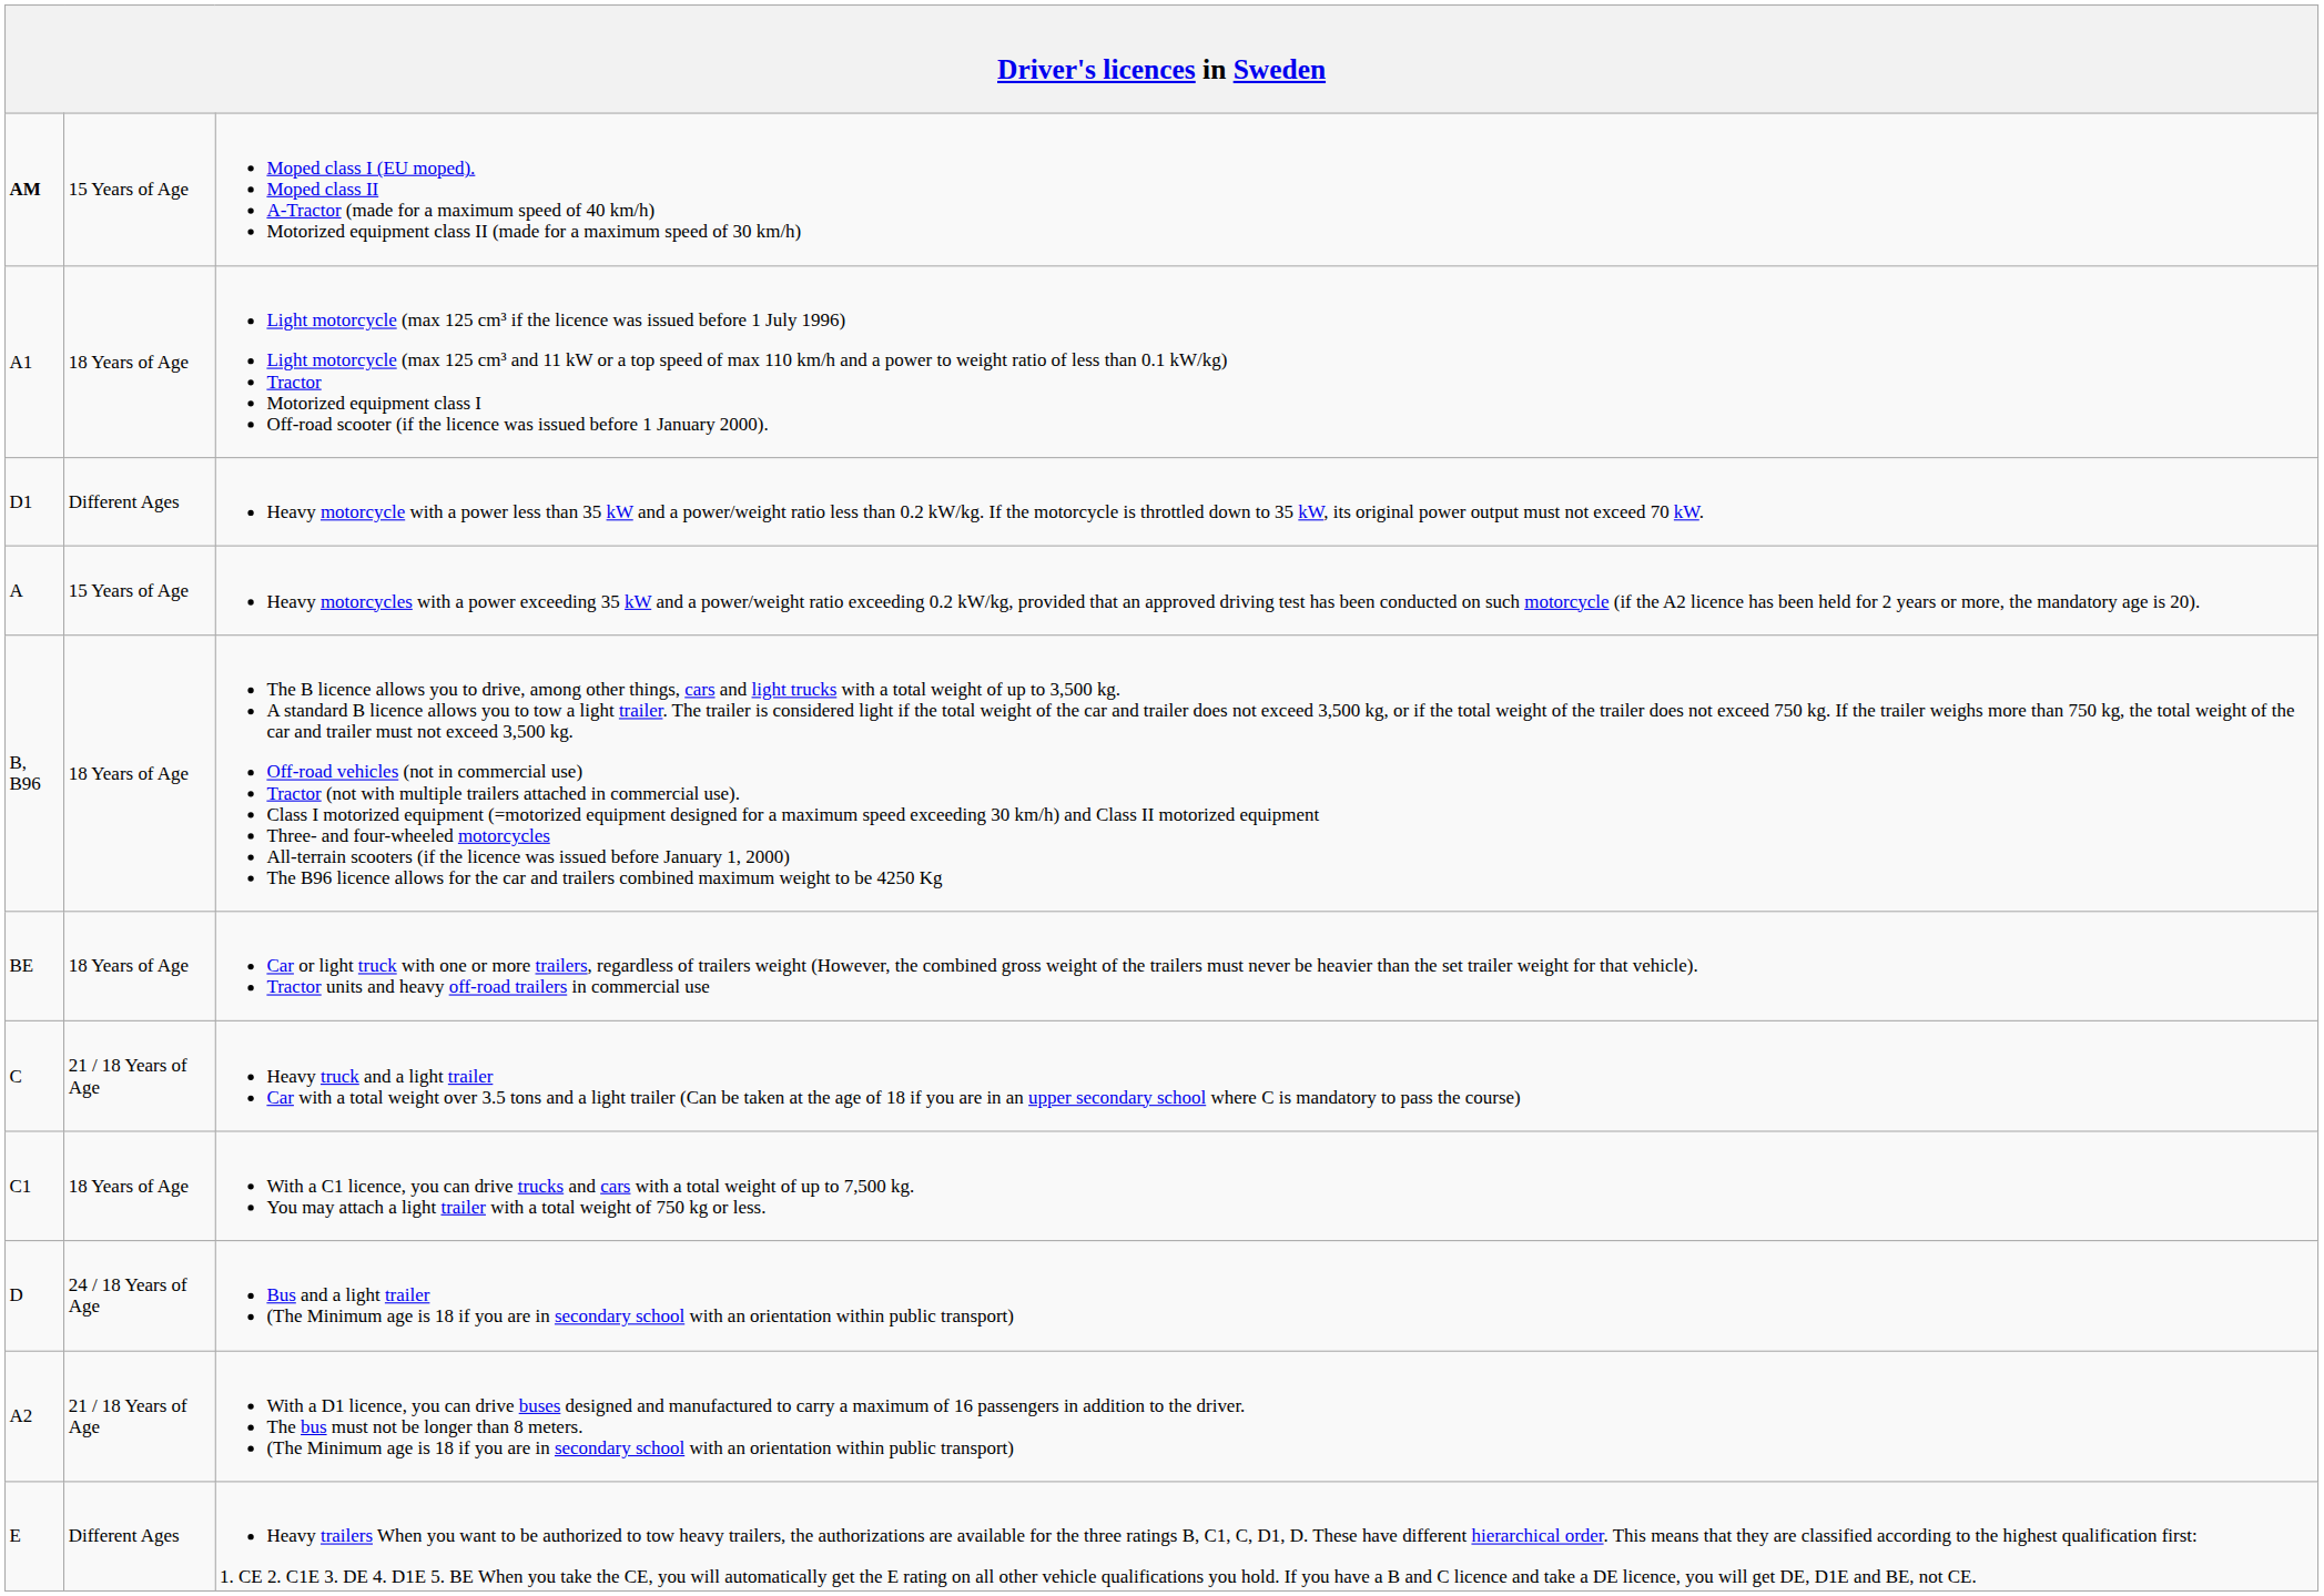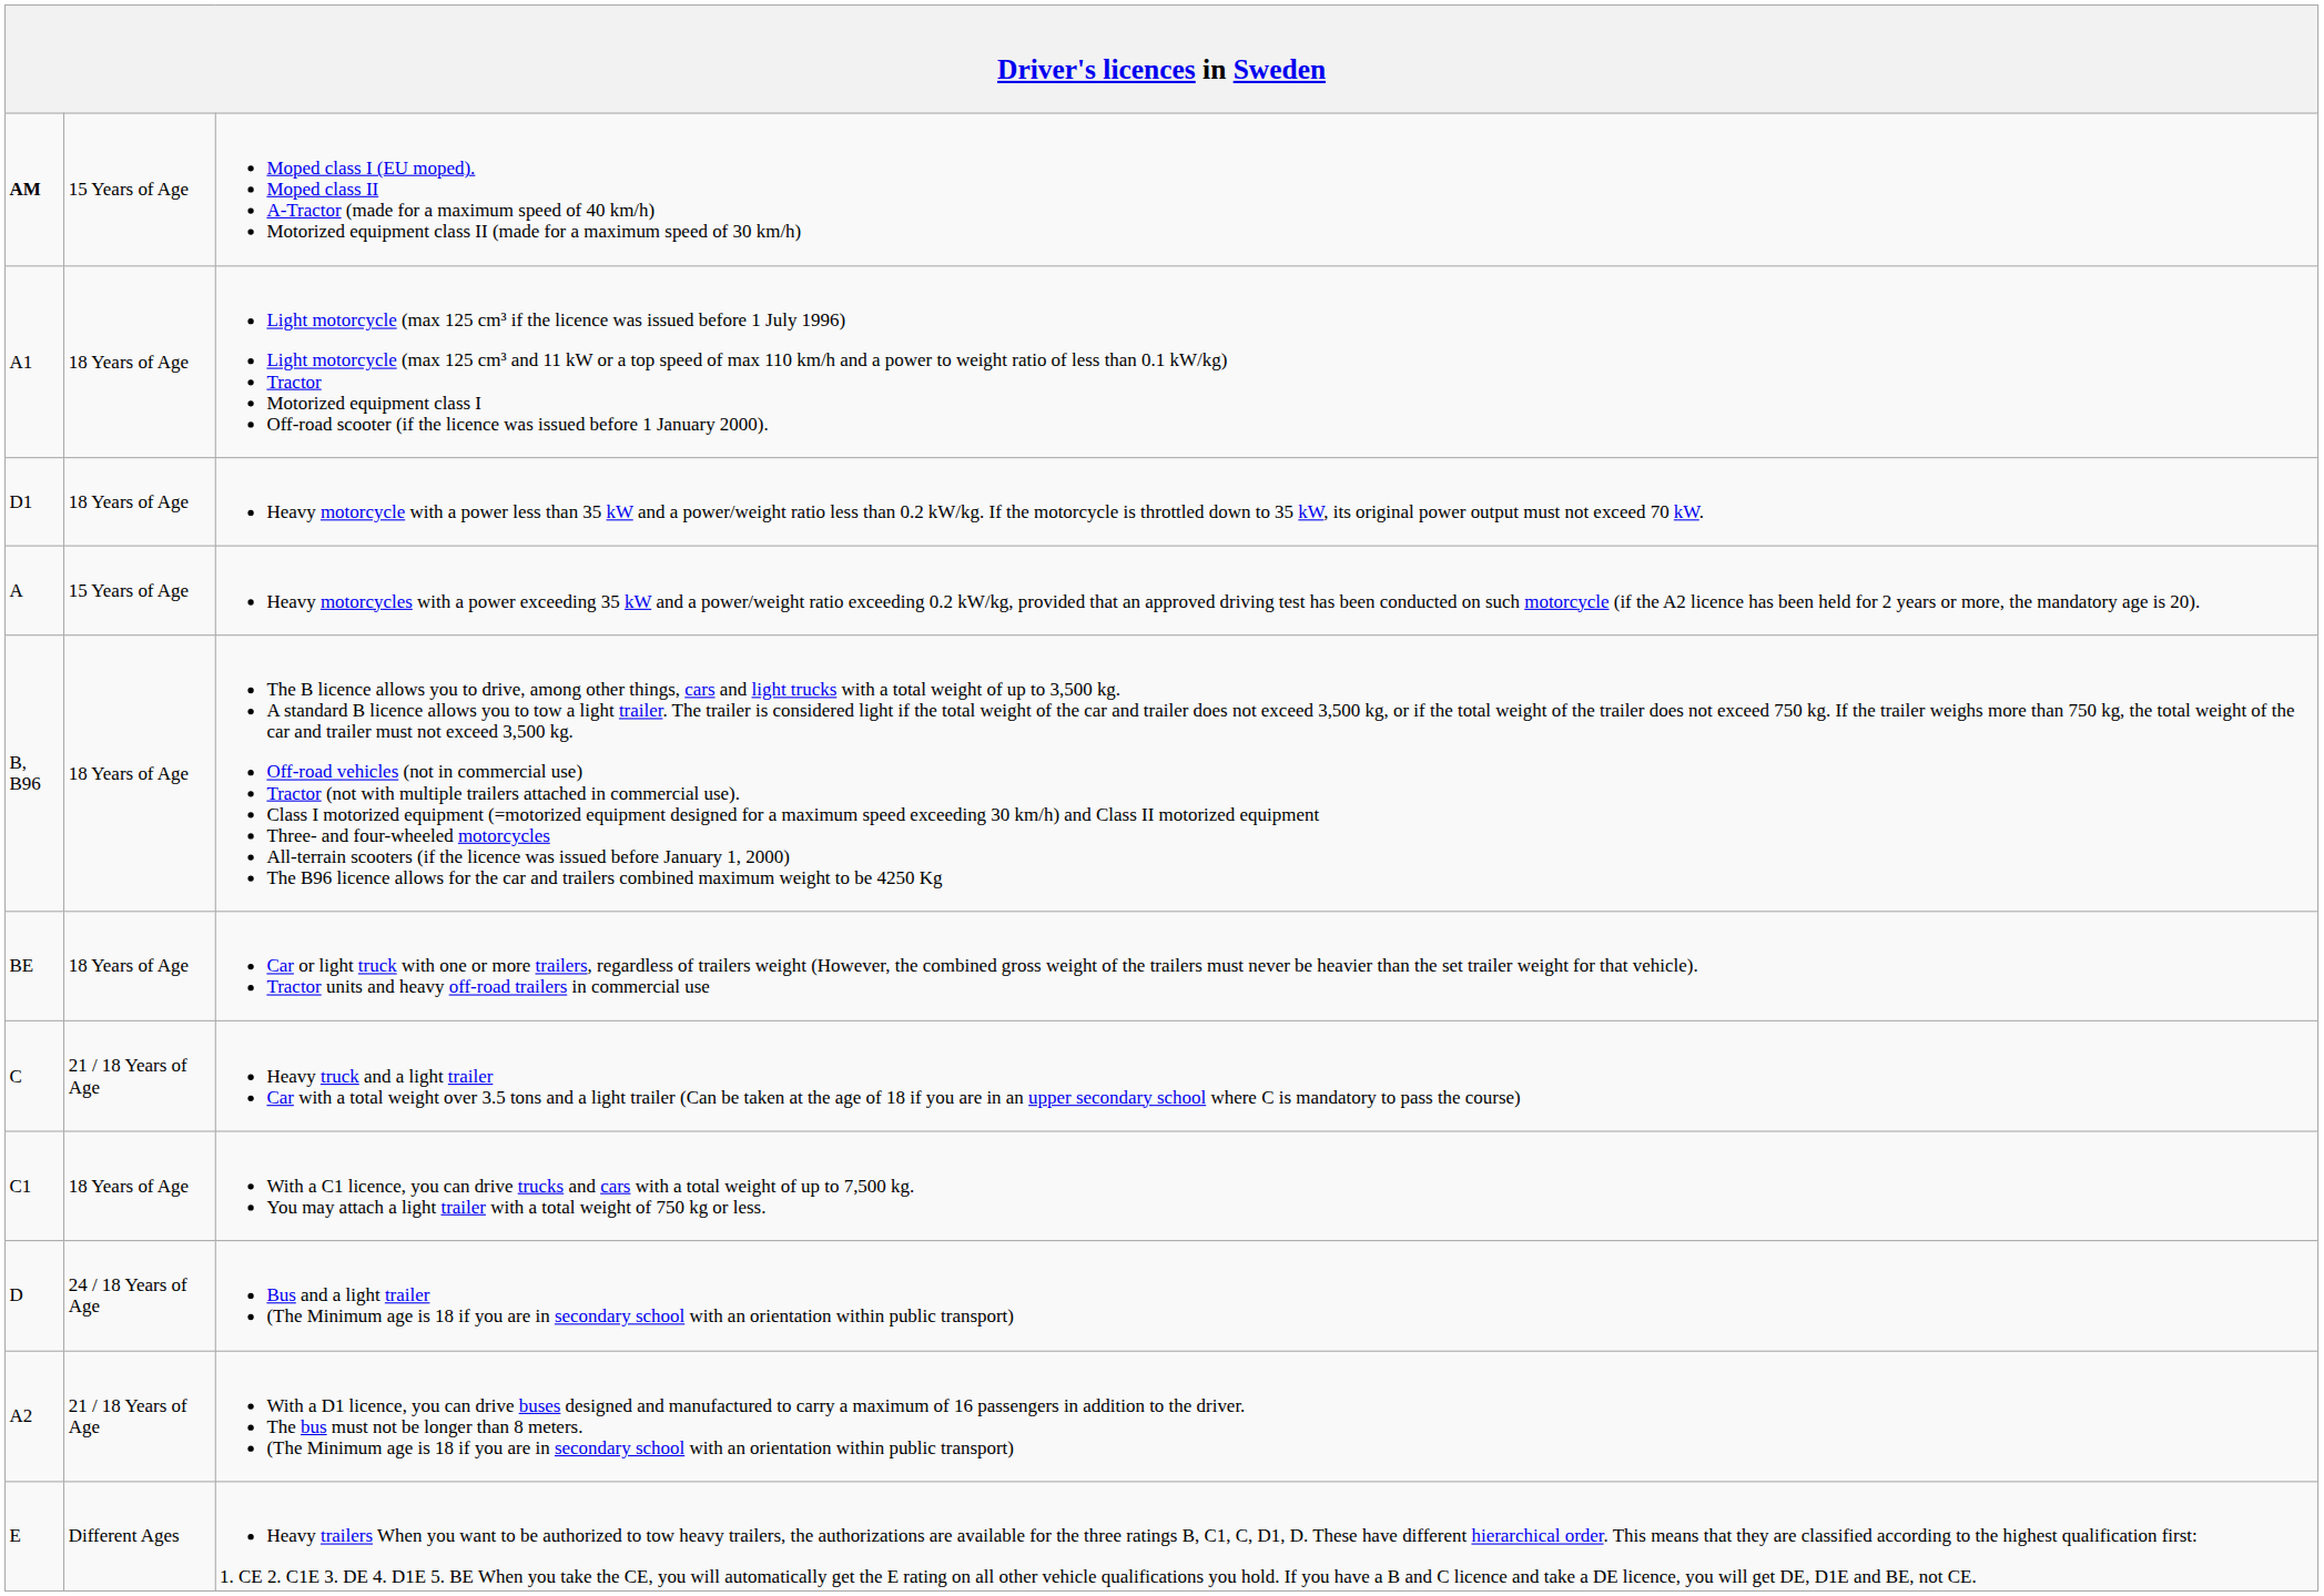 <table class="wikitable">
 <tr>
 <th colspan="3"><br><h2><a href='#'>Driver's licences</a> in <a href='#'>Sweden</a></h2></th>
 </tr>
 <tr>
 <td><strong>AM</strong></td>
 <td>15 Years of Age</td>
 <td><br><ul><li><a href='#'>Moped class I (EU moped).</a></li><li><a href='#'>Moped class II</a></li><li><a href='#'>A-Tractor</a> (made for a maximum speed of 40 km/h)</li><li>Motorized equipment class II (made for a maximum speed of 30 km/h)</li></ul></td>
 </tr>
 <tr>
 <td>A1</td>
 <td>18 Years of Age</td>
 <td><br><ul><li><a href='#'>Light motorcycle</a> (max 125 cm³ if the licence was issued before 1 July 1996)</li></ul><ul><li><a href='#'>Light motorcycle</a> (max 125 cm³ and 11 kW or a top speed of max 110 km/h and a power to weight ratio of less than 0.1 kW/kg)</li><li><a href='#'>Tractor</a></li><li>Motorized equipment class I</li><li>Off-road scooter (if the licence was issued before 1 January 2000).</li></ul></td>
 </tr>
 <tr>
 <td>D1</td>
-<td>Different Ages</td>
+<td>18 Years of Age</td>
 <td><br><ul><li>Heavy <a href='#'>motorcycle</a> with a power less than 35 <a href='#'>kW</a> and a power/weight ratio less than 0.2 kW/kg. If the motorcycle is throttled down to 35 <a href='#'>kW</a>, its original power output must not exceed 70 <a href='#'>kW</a>.</li></ul></td>
 </tr>
 <tr>
 <td>A</td>
 <td>15 Years of Age</td>
 <td><br><ul><li>Heavy <a href='#'>motorcycles</a> with a power exceeding 35 <a href='#'>kW</a> and a power/weight ratio exceeding 0.2 kW/kg, provided that an approved driving test has been conducted on such <a href='#'>motorcycle</a> (if the A2 licence has been held for 2 years or more, the mandatory age is 20).</li></ul></td>
 </tr>
 <tr>
 <td>B, B96</td>
 <td>18 Years of Age</td>
 <td><br><ul><li>The B licence allows you to drive, among other things, <a href='#'>cars</a> and <a href='#'>light trucks</a> with a total weight of up to 3,500 kg.</li><li>A standard B licence allows you to tow a light <a href='#'>trailer</a>. The trailer is considered light if the total weight of the car and trailer does not exceed 3,500 kg, or if the total weight of the trailer does not exceed 750 kg. If the trailer weighs more than 750 kg, the total weight of the car and trailer must not exceed 3,500 kg.</li></ul><ul><li><a href='#'>Off-road vehicles</a> (not in commercial use)</li><li><a href='#'>Tractor</a> (not with multiple trailers attached in commercial use).</li><li>Class I motorized equipment (=motorized equipment designed for a maximum speed exceeding 30 km/h) and Class II motorized equipment</li><li>Three- and four-wheeled <a href='#'>motorcycles</a></li><li>All-terrain scooters (if the licence was issued before January 1, 2000)</li><li>The B96 licence allows for the car and trailers combined maximum weight to be 4250 Kg</li></ul></td>
 </tr>
 <tr>
 <td>BE</td>
 <td>18 Years of Age</td>
 <td><br><ul><li><a href='#'>Car</a> or light <a href='#'>truck</a> with one or more <a href='#'>trailers</a>, regardless of trailers weight (However, the combined gross weight of the trailers must never be heavier than the set trailer weight for that vehicle).</li><li><a href='#'>Tractor</a> units and heavy <a href='#'>off-road trailers</a> in commercial use</li></ul></td>
 </tr>
 <tr>
 <td>C</td>
 <td>21 / 18 Years of Age</td>
 <td><br><ul><li>Heavy <a href='#'>truck</a> and a light <a href='#'>trailer</a></li><li><a href='#'>Car</a> with a total weight over 3.5 tons and a light trailer (Can be taken at the age of 18 if you are in an <a href='#'>upper secondary school</a> where C is mandatory to pass the course)</li></ul></td>
 </tr>
 <tr>
 <td>C1</td>
 <td>18 Years of Age</td>
 <td><br><ul><li>With a C1 licence, you can drive <a href='#'>trucks</a> and <a href='#'>cars</a> with a total weight of up to 7,500 kg.</li><li>You may attach a light <a href='#'>trailer</a> with a total weight of 750 kg or less.</li></ul></td>
 </tr>
 <tr>
 <td>D</td>
 <td>24 / 18 Years of Age</td>
 <td><br><ul><li><a href='#'>Bus</a> and a light <a href='#'>trailer</a></li><li>(The Minimum age is 18 if you are in <a href='#'>secondary school</a> with an orientation within public transport)</li></ul></td>
 </tr>
 <tr>
 <td>A2</td>
 <td>21 / 18 Years of Age</td>
 <td><br><ul><li>With a D1 licence, you can drive <a href='#'>buses</a> designed and manufactured to carry a maximum of 16 passengers in addition to the driver.</li><li>The <a href='#'>bus</a> must not be longer than 8 meters.</li><li>(The Minimum age is 18 if you are in <a href='#'>secondary school</a> with an orientation within public transport)</li></ul></td>
 </tr>
 <tr>
 <td>E</td>
 <td>Different Ages</td>
 <td><br><ul><li>Heavy <a href='#'>trailers</a> When you want to be authorized to tow heavy trailers, the authorizations are available for the three ratings B, C1, C, D1, D. These have different <a href='#'>hierarchical order</a>. This means that they are classified according to the highest qualification first:</li></ul>1. CE 2. C1E 3. DE 4. D1E 5. BE When you take the CE, you will automatically get the E rating on all other vehicle qualifications you hold. If you have a B and C licence and take a DE licence, you will get DE, D1E and BE, not CE.</td>
 </tr>
 </table>
